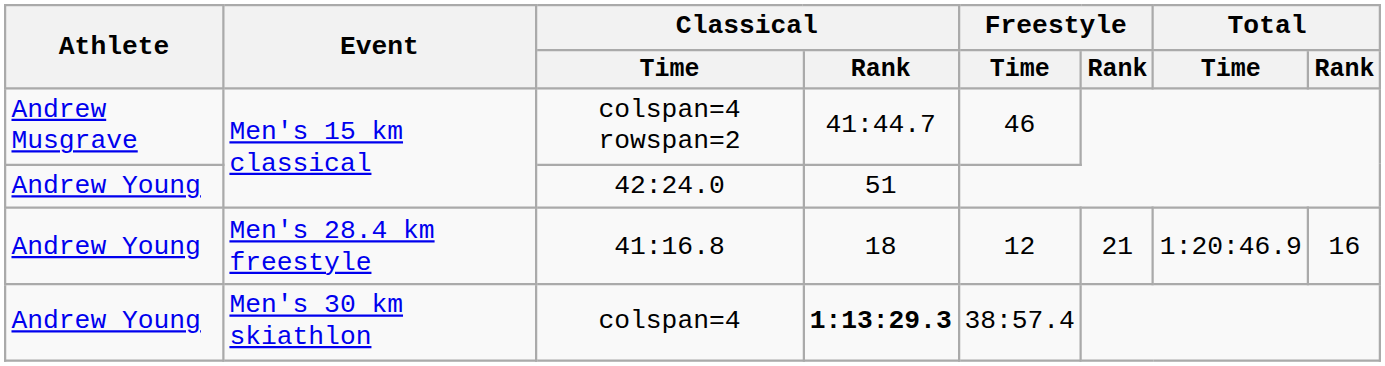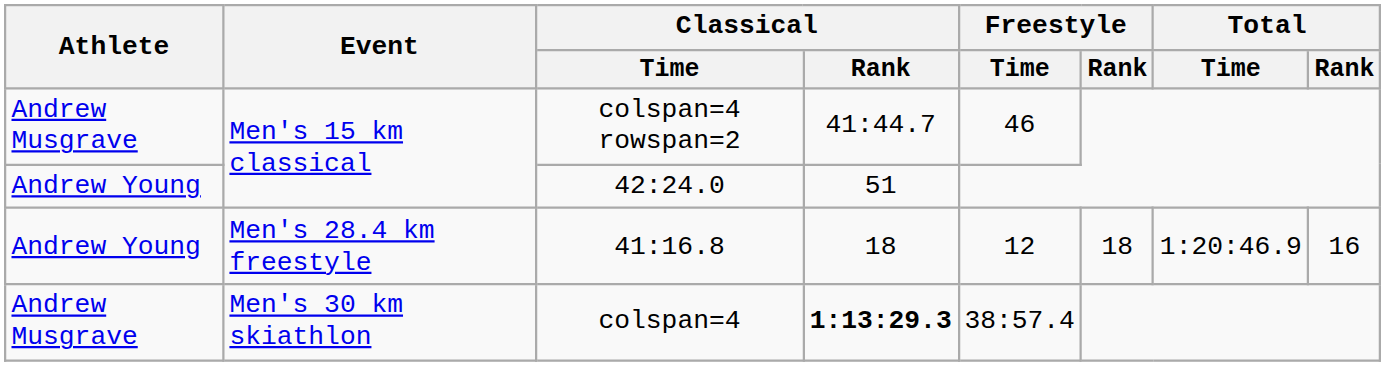 <table class=wikitable style=font-size:90%;text-align:center>
 <tr>
 <th rowspan=2>Athlete</th>
 <th rowspan=2>Event</th>
 <th colspan=2>Classical</th>
 <th colspan=2>Freestyle</th>
 <th colspan=2>Total</th>
 </tr>
 <tr style=font-size:95%>
 <th>Time</th>
 <th>Rank</th>
 <th>Time</th>
 <th>Rank</th>
 <th>Time</th>
 <th>Rank</th>
 </tr>
 <tr>
 <td align=left><a href='#'>Andrew Musgrave</a></td>
 <td align=left rowspan=2><a href='#'>Men's 15 km classical</a></td>
 <td>colspan=4 rowspan=2 </td>
 <td>41:44.7</td>
 <td>46</td>
 </tr>
 <tr>
 <td align=left><a href='#'>Andrew Young</a></td>
 <td>42:24.0</td>
 <td>51</td>
 </tr>
 <tr>
 <td align=left><a href='#'>Andrew Young</a></td>
 <td align=left><a href='#'>Men's 28.4 km freestyle</a></td>
 <td>41:16.8</td>
 <td>18</td>
 <td>12</td>
-<td>21</td>
+<td>18</td>
 <td>1:20:46.9</td>
 <td>16</td>
 </tr>
 <tr>
-<td align=left><a href='#'>Andrew Young</a></td>
+<td align=left><a href='#'>Andrew Musgrave</a></td>
 <td align=left><a href='#'>Men's 30 km skiathlon</a></td>
 <td>colspan=4 </td>
 <td><strong>1:13:29.3</strong></td>
 <td>38:57.4</td>
 </tr>
 </table>
